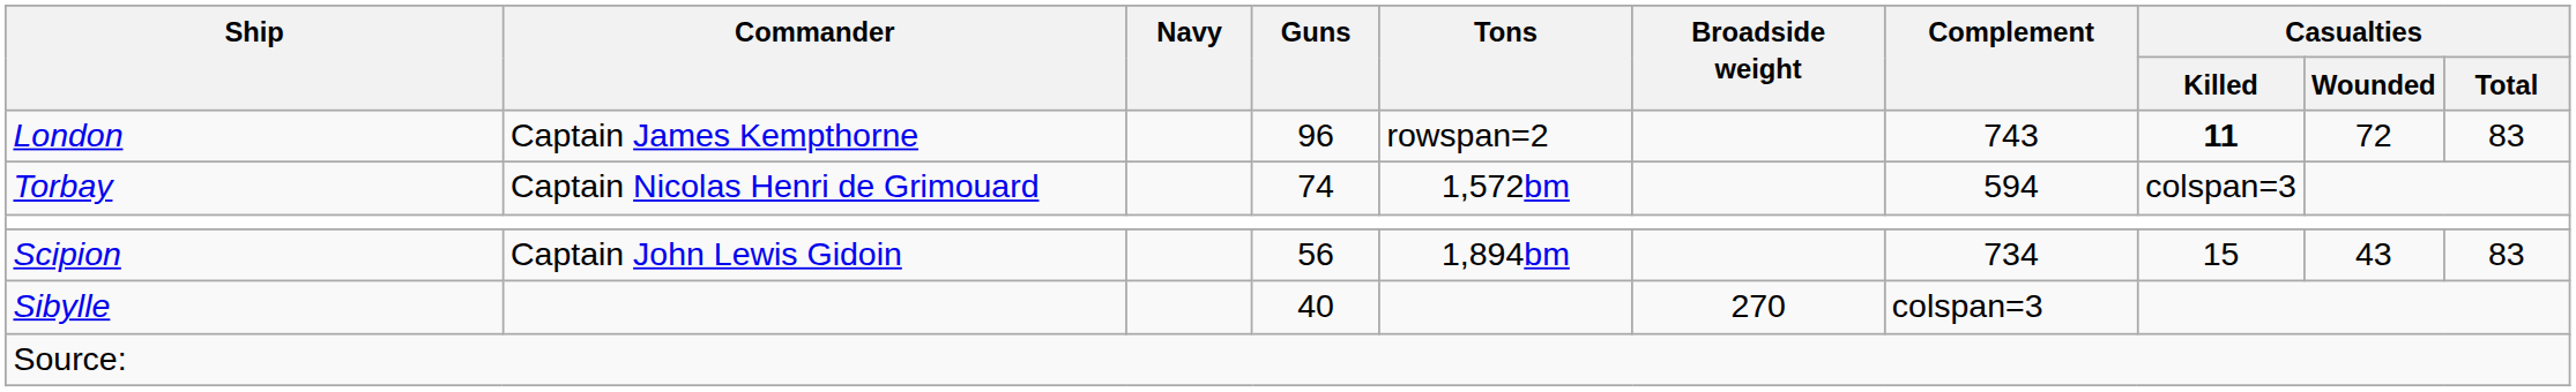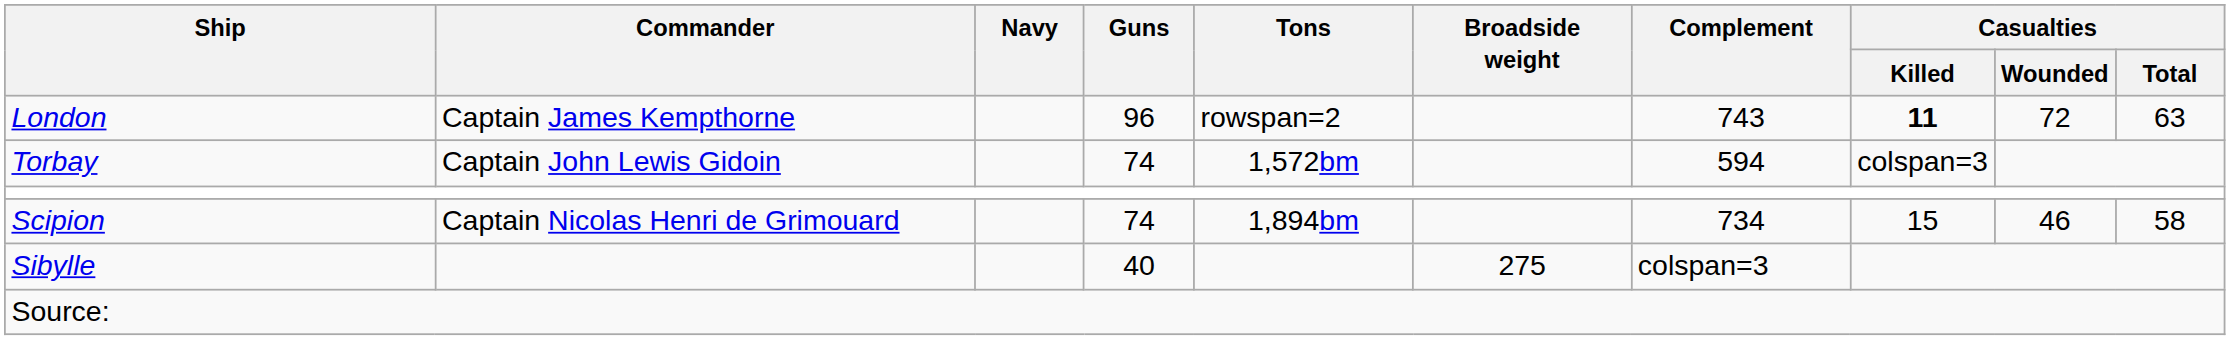 <table class="wikitable" style=>
 <tr valign="top">
 <th style="width:20%; text-align:center;" rowspan="2"><small> Ship </small></th>
 <th style="width:25%; text-align:center;" rowspan="2"><small> Commander </small></th>
 <th style="width:5%; text-align:center;" rowspan="2"><small> Navy </small></th>
 <th style="width:5%; text-align:center;" rowspan="2"><small> Guns </small></th>
 <th style="width:10%; text-align:center;" rowspan="2"><small> Tons </small></th>
 <th style="width:10%; text-align:center;" rowspan="2"><small> Broadside<br>weight</small></th>
 <th style="width:10%; text-align:center;" rowspan="2"><small> Complement</small></th>
 <th style="width:15%; text-align:center;" colspan="3"><small> Casualties</small></th>
 </tr>
 <tr valign="top">
 <th style="width:5%; text-align:center;"><small> Killed </small></th>
 <th style="width:5%; text-align:center;"><small> Wounded </small></th>
 <th style="width:5%; text-align:center;"><small> Total</small></th>
 </tr>
 <tr valign="top">
 <td style="text-align:left;"><a href='#'><em>London</em></a></td>
 <td align= left>Captain <a href='#'>James Kempthorne</a></td>
 <td style="text-align:center;"></td>
 <td style="text-align:center;">96</td>
 <td>rowspan=2  </td>
 <td style="text-align:center;"><small></small></td>
 <td style="text-align:center;">743</td>
 <td style="text-align:center;"><strong>11</strong></td>
 <td style="text-align:center;">72</td>
-<td style="text-align:center;">83</td>
+<td style="text-align:center;">63</td>
 </tr>
 <tr valign="top">
 <td style="text-align:left;"><a href='#'><em>Torbay</em></a></td>
-<td align= left>Captain <a href='#'>Nicolas Henri de Grimouard</a></td>
+<td align= left>Captain <a href='#'>John Lewis Gidoin</a></td>
 <td style="text-align:center;"></td>
 <td style="text-align:center;">74</td>
 <td style="text-align:center;">1,572<a href='#'>bm</a></td>
 <td style="text-align:center;"><small></small></td>
 <td style="text-align:center;">594</td>
 <td>colspan=3  </td>
 </tr>
 <tr valign="top">
 <th colspan="10" style="background:white;"></th>
 </tr>
 <tr valign="top">
 <td style="text-align:left;"><a href='#'><em>Scipion</em></a></td>
-<td align= left>Captain <a href='#'>John Lewis Gidoin</a></td>
+<td align= left>Captain <a href='#'>Nicolas Henri de Grimouard</a></td>
 <td style="text-align:center;"></td>
-<td style="text-align:center;">56</td>
+<td style="text-align:center;">74</td>
 <td style="text-align:center;">1,894<a href='#'>bm</a></td>
 <td style="text-align:center;"><small></small></td>
 <td style="text-align:center;">734</td>
 <td style="text-align:center;">15</td>
-<td style="text-align:center;">43</td>
-<td style="text-align:center;">83</td>
+<td style="text-align:center;">46</td>
+<td style="text-align:center;">58</td>
 </tr>
 <tr valign="top">
 <td style="text-align:left;"><a href='#'><em>Sibylle</em></a></td>
 <td></td>
 <td style="text-align:center;"></td>
 <td style="text-align:center;">40</td>
 <td style="text-align:center;"><small></small></td>
-<td style="text-align:center;">270</td>
+<td style="text-align:center;">275</td>
 <td>colspan=3  </td>
 </tr>
 <tr valign="top">
 <td colspan="10" style="text-align:left;">Source: </td>
 </tr>
 </table>
